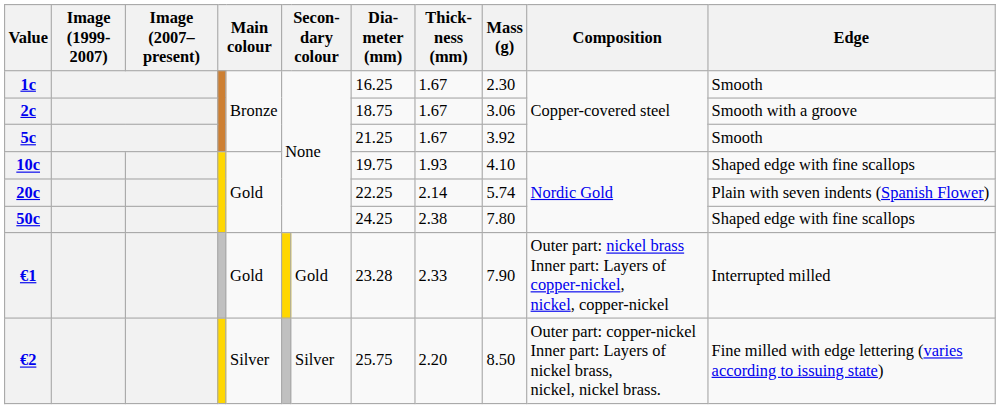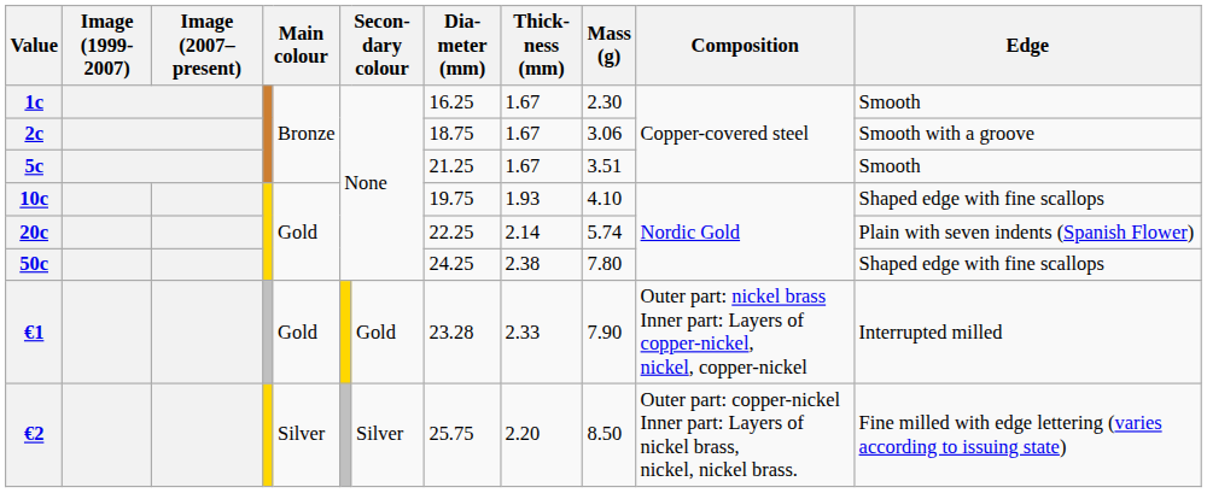 <table class=wikitable style=font-size:90%>
 <tr>
 <th>Value</th>
 <th>Image<br>(1999-2007)</th>
 <th>Image<br>(2007–present)</th>
 <th colspan="2">Main<br>colour</th>
 <th colspan="2">Secon­dary<br>colour</th>
 <th>Dia­meter<br>(mm)</th>
 <th>Thick­ness<br>(mm)</th>
 <th>Mass<br>(g)</th>
 <th>Composition</th>
 <th>Edge</th>
 </tr>
 <tr>
 <th><a href='#'>1c</a></th>
 <th colspan="2"></th>
 <td rowspan=3 style="width:1px; background:#CD7F32"></td>
 <td rowspan=3>Bronze</td>
 <td rowspan=6 colspan=2 style=width:1px>None</td>
 <td>16.25</td>
 <td>1.67</td>
 <td>2.30</td>
 <td rowspan=3>Copper-covered steel</td>
 <td>Smooth</td>
 </tr>
 <tr>
 <th><a href='#'>2c</a></th>
 <th colspan="2"></th>
 <td>18.75</td>
 <td>1.67</td>
 <td>3.06</td>
 <td>Smooth with a groove</td>
 </tr>
 <tr>
 <th><a href='#'>5c</a></th>
 <th colspan="2"></th>
 <td>21.25</td>
 <td>1.67</td>
-<td>3.92</td>
+<td>3.51</td>
 <td>Smooth</td>
 </tr>
 <tr>
 <th><a href='#'>10c</a></th>
 <th></th>
 <th></th>
 <td rowspan=3 style=background:#FFD700></td>
 <td rowspan=3>Gold</td>
 <td>19.75</td>
 <td>1.93</td>
 <td>4.10</td>
 <td rowspan=3><a href='#'>Nordic Gold</a></td>
 <td>Shaped edge with fine scallops</td>
 </tr>
 <tr>
 <th><a href='#'>20c</a></th>
 <th></th>
 <th></th>
 <td>22.25</td>
 <td>2.14</td>
 <td>5.74</td>
 <td>Plain with seven indents (<a href='#'>Spanish Flower</a>)</td>
 </tr>
 <tr>
 <th><a href='#'>50c</a></th>
 <th></th>
 <th></th>
 <td>24.25</td>
 <td>2.38</td>
 <td>7.80</td>
 <td>Shaped edge with fine scallops</td>
 </tr>
 <tr>
 <th><a href='#'>€1</a></th>
 <th></th>
 <th></th>
 <td style=background:#C0C0C0></td>
 <td>Gold</td>
 <td style=background:#FFD700></td>
 <td>Gold</td>
 <td>23.28</td>
 <td>2.33</td>
 <td>7.90</td>
 <td>Outer part: <a href='#'>nickel brass</a><br> Inner part: Layers of <a href='#'>copper-nickel</a>,<br> <a href='#'>nickel</a>, copper-nickel</td>
 <td>Interrupted milled</td>
 </tr>
 <tr>
 <th><a href='#'>€2</a></th>
 <th></th>
 <th></th>
 <td style=background:#FFD700></td>
 <td>Silver</td>
 <td style=background:#C0C0C0></td>
 <td>Silver</td>
 <td>25.75</td>
 <td>2.20</td>
 <td>8.50</td>
 <td>Outer part: copper-nickel<br> Inner part: Layers of nickel brass,<br> nickel, nickel brass.</td>
 <td>Fine milled with edge lettering (<a href='#'>varies according to issuing state</a>)</td>
 </tr>
 </table>
